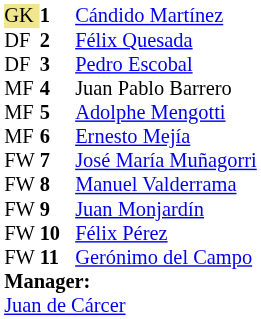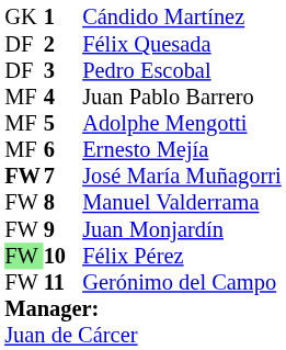 <table style="font-size: 90%" cellspacing="0" cellpadding="0" align=center>
 <tr>
 <td colspan="4"></td>
 </tr>
 <tr>
 <th width=25></th>
 <th width=25></th>
 </tr>
 <tr>
-<td style="background: khaki;">GK</td>
+<td>GK</td>
 <td><strong>1</strong></td>
 <td> <a href='#'>Cándido Martínez</a></td>
 </tr>
 <tr>
 <td>DF</td>
 <td><strong>2</strong></td>
 <td> <a href='#'>Félix Quesada</a></td>
 </tr>
 <tr>
 <td>DF</td>
 <td><strong>3</strong></td>
 <td> <a href='#'>Pedro Escobal</a></td>
 </tr>
 <tr>
 <td>MF</td>
 <td><strong>4</strong></td>
 <td> Juan Pablo Barrero</td>
 </tr>
 <tr>
 <td>MF</td>
 <td><strong>5</strong></td>
 <td> <a href='#'>Adolphe Mengotti</a></td>
 </tr>
 <tr>
 <td>MF</td>
 <td><strong>6</strong></td>
 <td> <a href='#'>Ernesto Mejía</a></td>
 </tr>
 <tr>
-<td>FW</td>
+<td><strong>FW</strong></td>
 <td><strong>7</strong></td>
 <td> <a href='#'>José María Muñagorri</a></td>
 </tr>
 <tr>
 <td>FW</td>
 <td><strong>8</strong></td>
 <td> <a href='#'>Manuel Valderrama</a></td>
 </tr>
 <tr>
 <td>FW</td>
 <td><strong>9</strong></td>
 <td> <a href='#'>Juan Monjardín</a></td>
 </tr>
 <tr>
-<td>FW</td>
+<td style="background: lightgreen;">FW</td>
 <td><strong>10</strong></td>
 <td> <a href='#'>Félix Pérez</a></td>
 </tr>
 <tr>
 <td>FW</td>
 <td><strong>11</strong></td>
 <td> <a href='#'>Gerónimo del Campo</a></td>
 </tr>
 <tr>
 <td colspan=3><strong>Manager:</strong></td>
 </tr>
 <tr>
 <td colspan=4> <a href='#'>Juan de Cárcer</a></td>
 </tr>
 </table>
